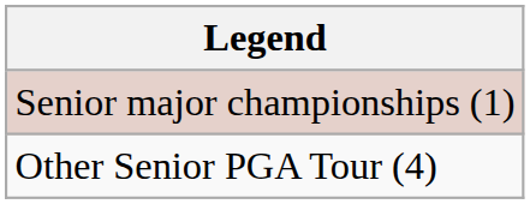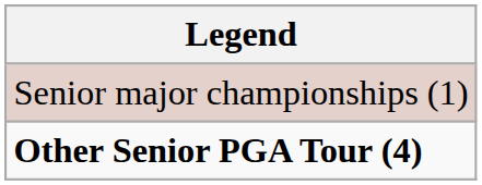 <table class="wikitable" style="font-size:95%;">
 <tr>
 <th>Legend</th>
 </tr>
 <tr style="background:#e5d1cb;">
 <td>Senior major championships (1)</td>
 </tr>
 <tr>
-<td>Other Senior PGA Tour (4)</td>
+<td><strong>Other Senior PGA Tour (4)</strong></td>
 </tr>
 </table>
